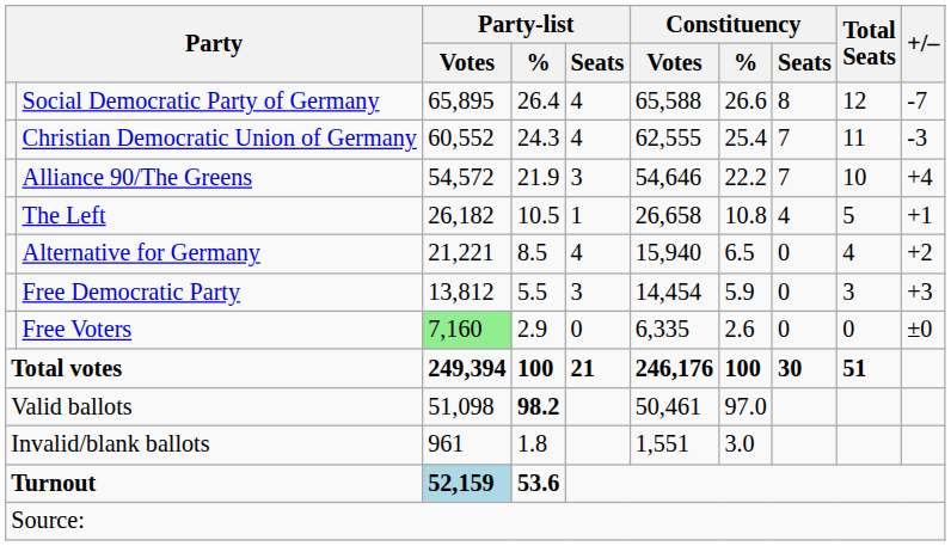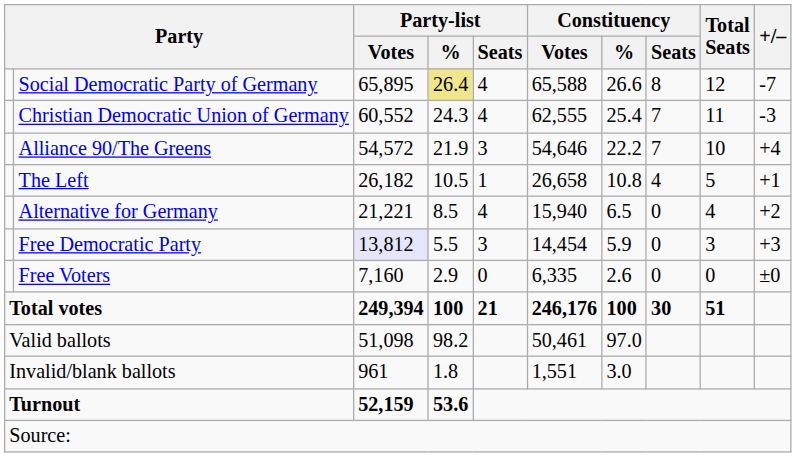 <table class="wikitable">
 <tr>
 <th colspan="2" rowspan="2">Party</th>
 <th colspan="3"><strong>Party-list</strong></th>
 <th colspan="3"><strong>Constituency</strong></th>
 <th rowspan="2">Total<br>Seats</th>
 <th rowspan="2">+/–</th>
 </tr>
 <tr>
 <th>Votes</th>
 <th>%</th>
 <th>Seats</th>
 <th>Votes</th>
 <th>%</th>
 <th>Seats</th>
 </tr>
 <tr>
 <td></td>
 <td><a href='#'>Social Democratic Party of Germany</a></td>
 <td>65,895</td>
-<td>26.4</td>
+<td style="background: khaki;">26.4</td>
 <td>4</td>
 <td>65,588</td>
 <td>26.6</td>
 <td>8</td>
 <td>12</td>
 <td>-7</td>
 </tr>
 <tr>
 <td></td>
 <td><a href='#'>Christian Democratic Union of Germany</a></td>
 <td>60,552</td>
 <td>24.3</td>
 <td>4</td>
 <td>62,555</td>
 <td>25.4</td>
 <td>7</td>
 <td>11</td>
 <td>-3</td>
 </tr>
 <tr>
 <td></td>
 <td><a href='#'>Alliance 90/The Greens</a></td>
 <td>54,572</td>
 <td>21.9</td>
 <td>3</td>
 <td>54,646</td>
 <td>22.2</td>
 <td>7</td>
 <td>10</td>
 <td>+4</td>
 </tr>
 <tr>
 <td></td>
 <td><a href='#'>The Left</a></td>
 <td>26,182</td>
 <td>10.5</td>
 <td>1</td>
 <td>26,658</td>
 <td>10.8</td>
 <td>4</td>
 <td>5</td>
 <td>+1</td>
 </tr>
 <tr>
 <td></td>
 <td><a href='#'>Alternative for Germany</a></td>
 <td>21,221</td>
 <td>8.5</td>
 <td>4</td>
 <td>15,940</td>
 <td>6.5</td>
 <td>0</td>
 <td>4</td>
 <td>+2</td>
 </tr>
 <tr>
 <td></td>
 <td><a href='#'>Free Democratic Party</a></td>
-<td>13,812</td>
+<td style="background: lavender;">13,812</td>
 <td>5.5</td>
 <td>3</td>
 <td>14,454</td>
 <td>5.9</td>
 <td>0</td>
 <td>3</td>
 <td>+3</td>
 </tr>
 <tr>
 <td></td>
 <td><a href='#'>Free Voters</a></td>
-<td style="background: lightgreen;">7,160</td>
+<td>7,160</td>
 <td>2.9</td>
 <td>0</td>
 <td>6,335</td>
 <td>2.6</td>
 <td>0</td>
 <td>0</td>
 <td>±0</td>
 </tr>
 <tr>
 <td colspan="2"><strong>Total votes</strong></td>
 <td><strong>249,394</strong></td>
 <td><strong>100</strong></td>
 <td><strong>21</strong></td>
 <td><strong>246,176</strong></td>
 <td><strong>100</strong></td>
 <td><strong>30</strong></td>
 <td><strong>51</strong></td>
 <td></td>
 </tr>
 <tr>
 <td colspan="2">Valid ballots</td>
 <td>51,098</td>
-<td><strong>98.2</strong></td>
+<td>98.2</td>
 <td></td>
 <td>50,461</td>
 <td>97.0</td>
 <td></td>
 <td></td>
 <td></td>
 </tr>
 <tr>
 <td colspan="2">Invalid/blank ballots</td>
 <td>961</td>
 <td>1.8</td>
 <td></td>
 <td>1,551</td>
 <td>3.0</td>
 <td></td>
 <td></td>
 <td></td>
 </tr>
 <tr>
 <td colspan="2"><strong>Turnout</strong></td>
-<td style="background: lightblue;"><strong>52,159</strong></td>
+<td><strong>52,159</strong></td>
 <td><strong>53.6</strong></td>
 <td colspan="6"></td>
 </tr>
 <tr>
 <td colspan="10">Source: </td>
 </tr>
 </table>
